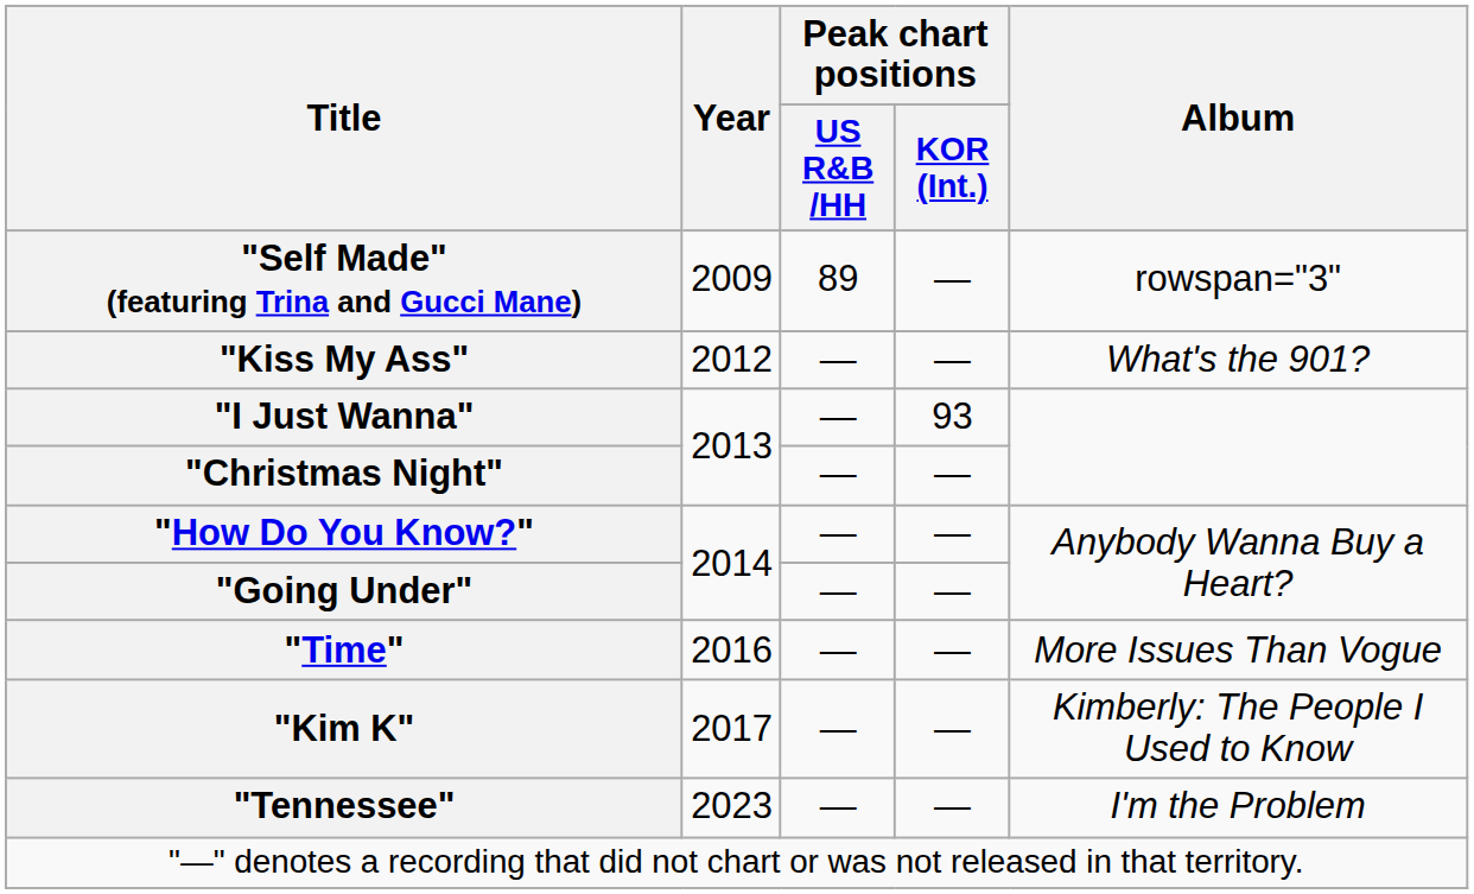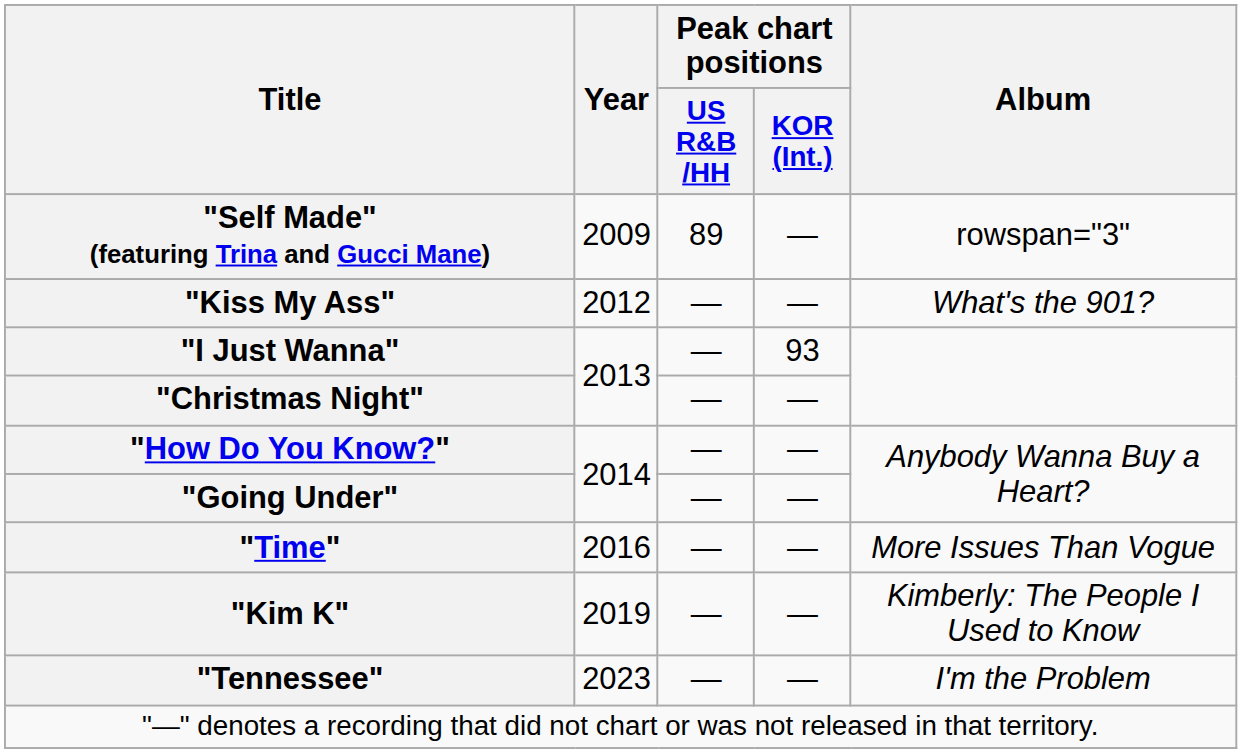 <table class="wikitable plainrowheaders" style="text-align:center;">
 <tr>
 <th scope="col" rowspan="2" style="width:18em;">Title</th>
 <th scope="col" rowspan="2" style="width:1em;">Year</th>
 <th scope="col" colspan="2">Peak chart positions</th>
 <th scope="col" rowspan="2" style="width:12em;">Album</th>
 </tr>
 <tr>
 <th scope="col" style="width:3em;font-size:90%;"><a href='#'>US <br>R&B<br>/HH</a><br></th>
 <th scope="col" style="width:3em;font-size:90%;"><a href='#'>KOR<br>(Int.)</a><br></th>
 </tr>
 <tr>
 <th scope="row">"Self Made" <br><small>(featuring <a href='#'>Trina</a> and <a href='#'>Gucci Mane</a>)</small></th>
 <td>2009</td>
 <td>89</td>
 <td>—</td>
 <td>rowspan="3" </td>
 </tr>
 <tr>
 <th scope="row">"Kiss My Ass"</th>
 <td>2012</td>
 <td>—</td>
 <td>—</td>
 <td><em>What's the 901?</em></td>
 </tr>
 <tr>
 <th scope="row">"I Just Wanna"</th>
 <td rowspan="2">2013</td>
 <td>—</td>
 <td>93</td>
 </tr>
 <tr>
 <th scope="row">"Christmas Night"</th>
 <td>—</td>
 <td>—</td>
 </tr>
 <tr>
 <th scope="row">"<a href='#'>How Do You Know?</a>"</th>
 <td rowspan="2">2014</td>
 <td>—</td>
 <td>—</td>
 <td rowspan="2"><em>Anybody Wanna Buy a Heart?</em></td>
 </tr>
 <tr>
 <th scope="row">"Going Under"</th>
 <td>—</td>
 <td>—</td>
 </tr>
 <tr>
 <th scope="row">"<a href='#'>Time</a>"</th>
 <td>2016</td>
 <td>—</td>
 <td>—</td>
 <td><em>More Issues Than Vogue</em></td>
 </tr>
 <tr>
 <th scope="row">"Kim K"</th>
-<td>2017</td>
+<td>2019</td>
 <td>—</td>
 <td>—</td>
 <td><em>Kimberly: The People I Used to Know</em></td>
 </tr>
 <tr>
 <th scope="row">"Tennessee"</th>
 <td>2023</td>
 <td>—</td>
 <td>—</td>
 <td><em>I'm the Problem</em></td>
 </tr>
 <tr>
 <td colspan="11" style="font-size:90%">"—" denotes a recording that did not chart or was not released in that territory.</td>
 </tr>
 </table>
